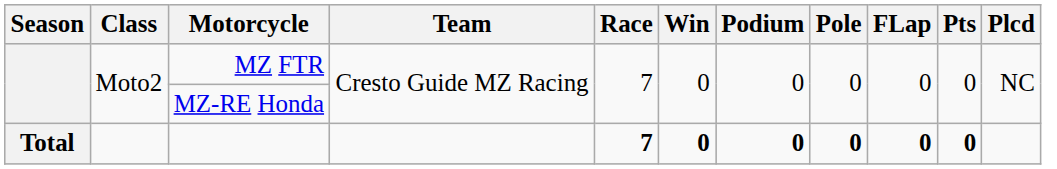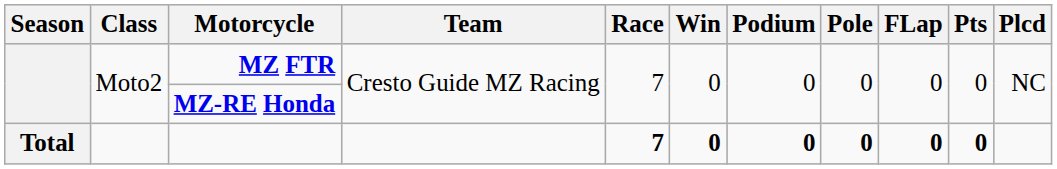 <table class="wikitable" style=text-align:right>
 <tr>
 <th>Season</th>
 <th>Class</th>
 <th>Motorcycle</th>
 <th>Team</th>
 <th>Race</th>
 <th>Win</th>
 <th>Podium</th>
 <th>Pole</th>
 <th>FLap</th>
 <th>Pts</th>
 <th>Plcd</th>
 </tr>
 <tr>
 <th rowspan=2></th>
 <td rowspan=2>Moto2</td>
-<td><a href='#'>MZ</a> <a href='#'>FTR</a></td>
+<td><strong><a href='#'>MZ</a> <a href='#'>FTR</a></strong></td>
 <td rowspan=2>Cresto Guide MZ Racing</td>
 <td rowspan=2>7</td>
 <td rowspan=2>0</td>
 <td rowspan=2>0</td>
 <td rowspan=2>0</td>
 <td rowspan=2>0</td>
 <td rowspan=2>0</td>
 <td rowspan=2>NC</td>
 </tr>
 <tr>
-<td><a href='#'>MZ-RE</a> <a href='#'>Honda</a></td>
+<td><strong><a href='#'>MZ-RE</a> <a href='#'>Honda</a></strong></td>
 </tr>
 <tr>
 <th>Total</th>
 <td></td>
 <td></td>
 <td></td>
 <td><strong>7</strong></td>
 <td><strong>0</strong></td>
 <td><strong>0</strong></td>
 <td><strong>0</strong></td>
 <td><strong>0</strong></td>
 <td><strong>0</strong></td>
 <td></td>
 </tr>
 </table>
